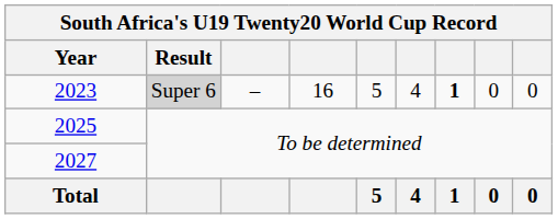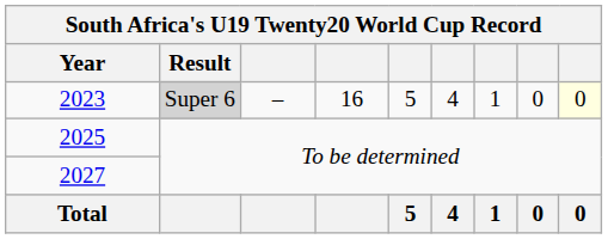 <table class="wikitable" style="font-size:90%; text-align:center">
 <tr>
 <th colspan=9>South Africa's U19 Twenty20 World Cup Record</th>
 </tr>
 <tr>
 <th width="90">Year</th>
 <th>Result</th>
 <th width="40"></th>
 <th width="40"></th>
 <th width="20"></th>
 <th width="20"></th>
 <th width="20"></th>
 <th width="20"></th>
 <th width="20"></th>
 </tr>
 <tr>
 <td> <a href='#'>2023</a></td>
 <td style="background: lightgrey;">Super 6</td>
 <td>–</td>
 <td>16</td>
 <td>5</td>
 <td>4</td>
-<td><strong>1</strong></td>
+<td>1</td>
 <td>0</td>
-<td>0</td>
+<td style="background: lightyellow;">0</td>
 </tr>
 <tr>
 <td> <a href='#'>2025</a></td>
 <td colspan="8" rowspan="2"><em>To be determined</em></td>
 </tr>
 <tr>
 <td> <a href='#'>2027</a></td>
 </tr>
 <tr>
 <th>Total</th>
 <th></th>
 <th></th>
 <th></th>
 <th>5</th>
 <th>4</th>
 <th>1</th>
 <th>0</th>
 <th>0</th>
 </tr>
 </table>
